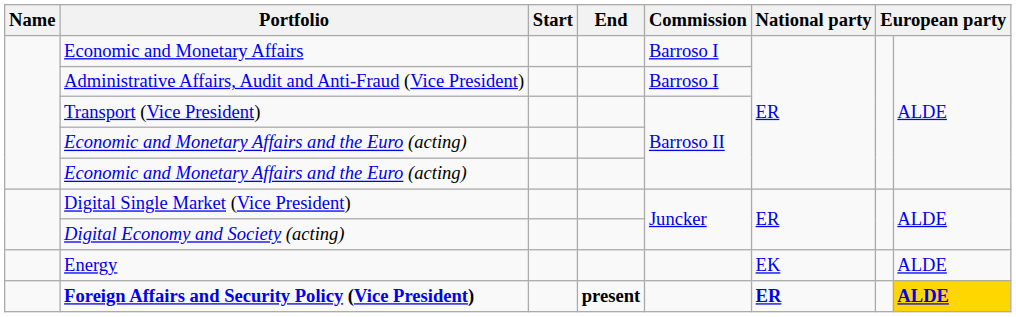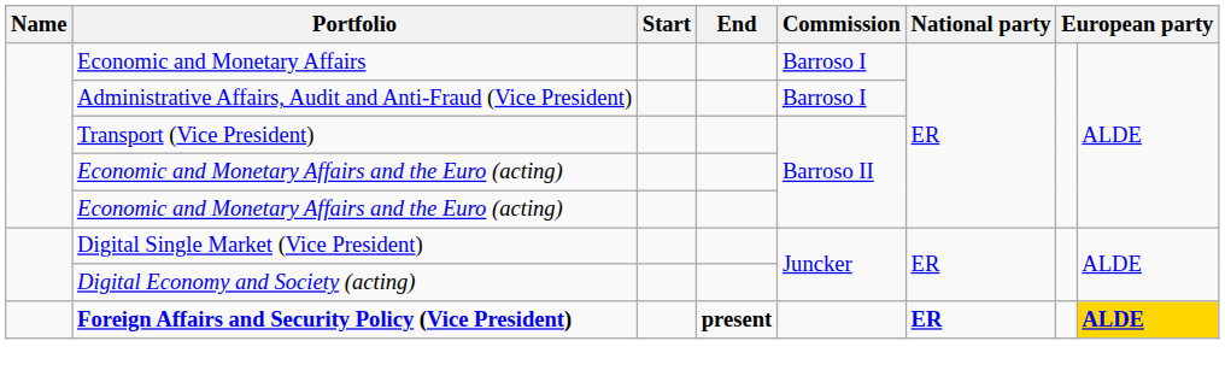 <table class="wikitable sortable" style="font-size: 90%;">
 <tr>
 <th>Name</th>
 <th>Portfolio</th>
 <th>Start</th>
 <th>End</th>
 <th>Commission</th>
 <th>National party</th>
 <th colspan=2>European party</th>
 </tr>
 <tr>
 <td rowspan=5></td>
 <td><a href='#'>Economic and Monetary Affairs</a></td>
 <td></td>
 <td></td>
 <td><a href='#'>Barroso I</a></td>
 <td rowspan=5><a href='#'>ER</a></td>
 <td rowspan=5 style="background:"></td>
 <td rowspan=5><a href='#'>ALDE</a></td>
 </tr>
 <tr>
 <td><a href='#'>Administrative Affairs, Audit and Anti-Fraud</a> (<a href='#'>Vice President</a>)</td>
 <td></td>
 <td></td>
 <td><a href='#'>Barroso I</a></td>
 </tr>
 <tr>
 <td><a href='#'>Transport</a> (<a href='#'>Vice President</a>)</td>
 <td></td>
 <td></td>
 <td rowspan=3><a href='#'>Barroso II</a></td>
 </tr>
 <tr>
 <td><em><a href='#'>Economic and Monetary Affairs and the Euro</a> (acting)</em></td>
 <td><em></em></td>
 <td><em></em></td>
 </tr>
 <tr>
 <td><em><a href='#'>Economic and Monetary Affairs and the Euro</a> (acting)</em></td>
 <td><em></em></td>
 <td><em></em></td>
 </tr>
 <tr>
 <td rowspan=2></td>
 <td><a href='#'>Digital Single Market</a> (<a href='#'>Vice President</a>)</td>
 <td></td>
 <td></td>
 <td rowspan=2><a href='#'>Juncker</a></td>
 <td rowspan=2><a href='#'>ER</a></td>
 <td rowspan=2 style="background:"></td>
 <td rowspan=2><a href='#'>ALDE</a></td>
 </tr>
 <tr>
 <td><em><a href='#'>Digital Economy and Society</a> (acting)</em></td>
 <td><em></em></td>
 <td><em></em></td>
 </tr>
 <tr>
-<td></td>
-<td><a href='#'>Energy</a></td>
-<td></td>
-<td></td>
-<td></td>
-<td><a href='#'>EK</a></td>
-<td style="background:"></td>
-<td><a href='#'>ALDE</a></td>
-</tr>
-<tr>
 <td><strong></strong></td>
 <td><strong><a href='#'>Foreign Affairs and Security Policy</a> (<a href='#'>Vice President</a>)</strong></td>
 <td><strong></strong></td>
 <td><strong>present</strong></td>
 <td><strong></strong></td>
 <td><strong><a href='#'>ER</a></strong></td>
 <td style="background:"></td>
 <td style="background: gold;"><strong><a href='#'>ALDE</a></strong></td>
 </tr>
 </table>
